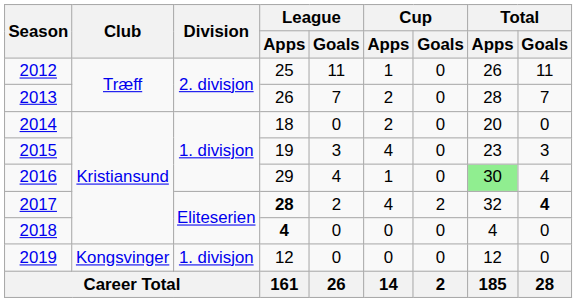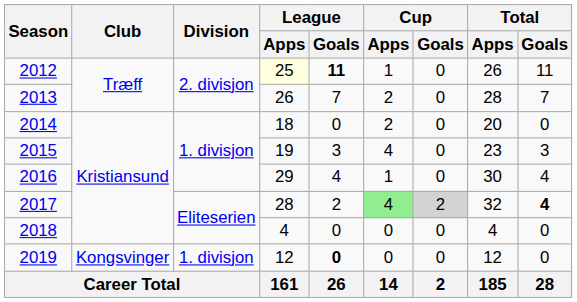 <table class="wikitable" style="text-align: center;">
 <tr>
 <th rowspan="2">Season</th>
 <th rowspan="2">Club</th>
 <th rowspan="2">Division</th>
 <th colspan="2">League</th>
 <th colspan="2">Cup</th>
 <th colspan="2">Total</th>
 </tr>
 <tr>
 <th>Apps</th>
 <th>Goals</th>
 <th>Apps</th>
 <th>Goals</th>
 <th>Apps</th>
 <th>Goals</th>
 </tr>
 <tr>
 <td><a href='#'>2012</a></td>
 <td rowspan="2" valign="center"><a href='#'>Træff</a></td>
 <td rowspan="2" valign="center"><a href='#'>2. divisjon</a></td>
-<td>25</td>
-<td>11</td>
+<td style="background: lightyellow;">25</td>
+<td><strong>11</strong></td>
 <td>1</td>
 <td>0</td>
 <td>26</td>
 <td>11</td>
 </tr>
 <tr>
 <td><a href='#'>2013</a></td>
 <td>26</td>
 <td>7</td>
 <td>2</td>
 <td>0</td>
 <td>28</td>
 <td>7</td>
 </tr>
 <tr>
 <td><a href='#'>2014</a></td>
 <td rowspan="5" valign="center"><a href='#'>Kristiansund</a></td>
 <td rowspan="3" valign="center"><a href='#'>1. divisjon</a></td>
 <td>18</td>
 <td>0</td>
 <td>2</td>
 <td>0</td>
 <td>20</td>
 <td>0</td>
 </tr>
 <tr>
 <td><a href='#'>2015</a></td>
 <td>19</td>
 <td>3</td>
 <td>4</td>
 <td>0</td>
 <td>23</td>
 <td>3</td>
 </tr>
 <tr>
 <td><a href='#'>2016</a></td>
 <td>29</td>
 <td>4</td>
 <td>1</td>
 <td>0</td>
-<td style="background: lightgreen;">30</td>
+<td>30</td>
 <td>4</td>
 </tr>
 <tr>
 <td><a href='#'>2017</a></td>
 <td rowspan="2" valign="center"><a href='#'>Eliteserien</a></td>
-<td><strong>28</strong></td>
+<td>28</td>
 <td>2</td>
-<td>4</td>
-<td>2</td>
+<td style="background: lightgreen;">4</td>
+<td style="background: lightgrey;">2</td>
 <td>32</td>
 <td><strong>4</strong></td>
 </tr>
 <tr>
 <td><a href='#'>2018</a></td>
-<td><strong>4</strong></td>
+<td>4</td>
 <td>0</td>
 <td>0</td>
 <td>0</td>
 <td>4</td>
 <td>0</td>
 </tr>
 <tr>
 <td><a href='#'>2019</a></td>
 <td rowspan="1" valign="center"><a href='#'>Kongsvinger</a></td>
 <td rowspan="1" valign="center"><a href='#'>1. divisjon</a></td>
 <td>12</td>
-<td>0</td>
+<td><strong>0</strong></td>
 <td>0</td>
 <td>0</td>
 <td>12</td>
 <td>0</td>
 </tr>
 <tr>
 <th colspan="3">Career Total</th>
 <th>161</th>
 <th>26</th>
 <th>14</th>
 <th>2</th>
 <th>185</th>
 <th>28</th>
 </tr>
 </table>
